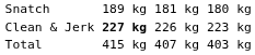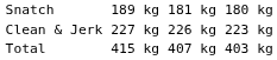 <table>
 <tr>
 <td>Snatch</td>
 <td></td>
 <td>189 kg</td>
 <td></td>
 <td>181 kg</td>
 <td></td>
 <td>180 kg</td>
 </tr>
 <tr>
 <td>Clean & Jerk</td>
 <td></td>
-<td><strong>227 kg</strong></td>
+<td>227 kg</td>
 <td></td>
 <td>226 kg</td>
 <td></td>
 <td>223 kg</td>
 </tr>
 <tr>
 <td>Total</td>
 <td></td>
 <td>415 kg</td>
 <td></td>
 <td>407 kg</td>
 <td></td>
 <td>403 kg</td>
 </tr>
 </table>
